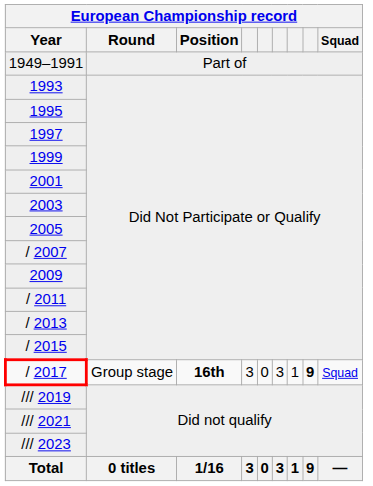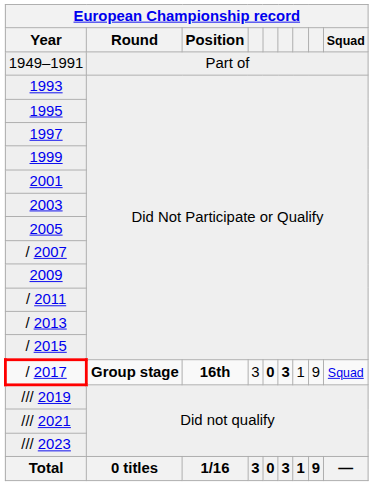 <table class="wikitable" style="text-align: center;">
 <tr>
 <th colspan=9><a href='#'>European Championship record</a></th>
 </tr>
 <tr>
 <th>Year</th>
 <th>Round</th>
 <th>Position</th>
 <th></th>
 <th></th>
 <th></th>
 <th></th>
 <th></th>
 <th><small>Squad</small></th>
 </tr>
 <tr bgcolor="efefef">
 <td>1949–1991</td>
 <td colspan=8>Part of </td>
 </tr>
 <tr bgcolor="efefef">
 <td> <a href='#'>1993</a></td>
 <td colspan=9 rowspan=12 align=center>Did Not Participate or Qualify</td>
 </tr>
 <tr bgcolor="efefef">
 <td> <a href='#'>1995</a></td>
 </tr>
 <tr bgcolor="efefef">
 <td> <a href='#'>1997</a></td>
 </tr>
 <tr bgcolor="efefef">
 <td> <a href='#'>1999</a></td>
 </tr>
 <tr bgcolor="efefef">
 <td> <a href='#'>2001</a></td>
 </tr>
 <tr bgcolor="efefef">
 <td> <a href='#'>2003</a></td>
 </tr>
 <tr bgcolor="efefef">
 <td> <a href='#'>2005</a></td>
 </tr>
 <tr bgcolor="efefef">
 <td>/ <a href='#'>2007</a></td>
 </tr>
 <tr bgcolor="efefef">
 <td> <a href='#'>2009</a></td>
 </tr>
 <tr bgcolor="efefef">
 <td>/ <a href='#'>2011</a></td>
 </tr>
 <tr bgcolor="efefef">
 <td>/ <a href='#'>2013</a></td>
 </tr>
 <tr bgcolor="efefef">
 <td>/ <a href='#'>2015</a></td>
 </tr>
 <tr bgcolor=>
 <td style="border: 3px solid red">/ <a href='#'>2017</a></td>
-<td>Group stage</td>
+<td><strong>Group stage</strong></td>
 <td><strong>16th</strong></td>
 <td>3</td>
-<td>0</td>
-<td>3</td>
+<td><strong>0</strong></td>
+<td><strong>3</strong></td>
 <td>1</td>
-<td><strong>9</strong></td>
+<td>9</td>
 <td><small><a href='#'>Squad</a></small></td>
 </tr>
 <tr bgcolor="efefef">
 <td>/// <a href='#'>2019</a></td>
 <td colspan=9 rowspan=3 align=center>Did not qualify</td>
 </tr>
 <tr bgcolor="efefef">
 <td>/// <a href='#'>2021</a></td>
 </tr>
 <tr bgcolor="efefef">
 <td>/// <a href='#'>2023</a></td>
 </tr>
 <tr>
 <th>Total</th>
 <th>0 titles</th>
 <th>1/16</th>
 <th>3</th>
 <th>0</th>
 <th>3</th>
 <th>1</th>
 <th>9</th>
 <th>—</th>
 </tr>
 </table>
